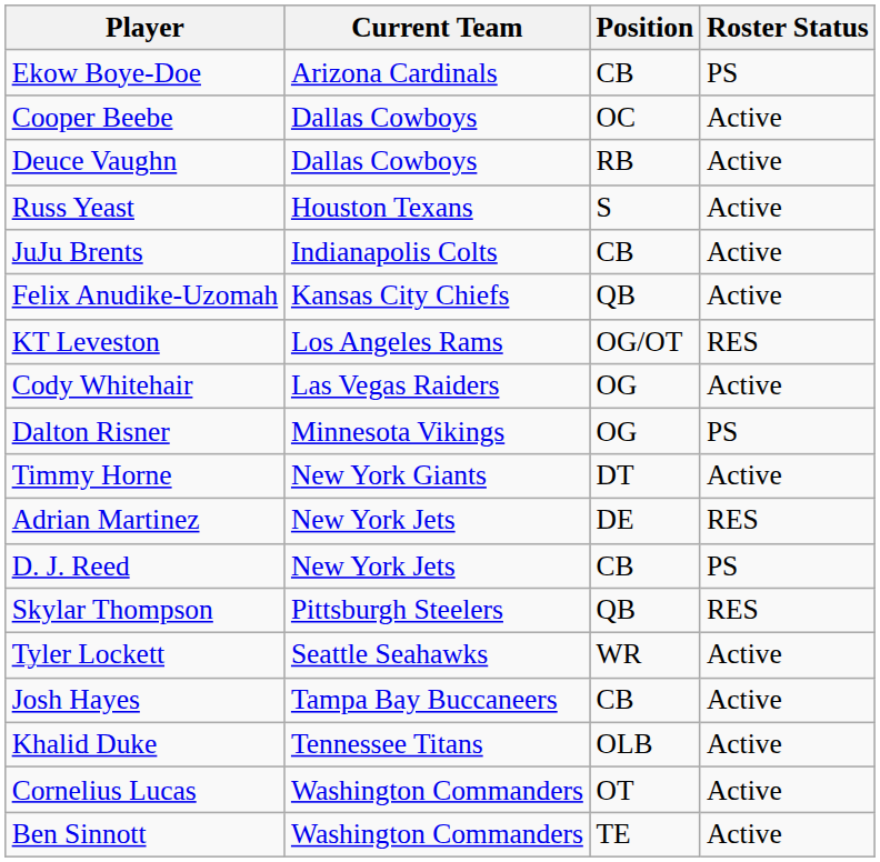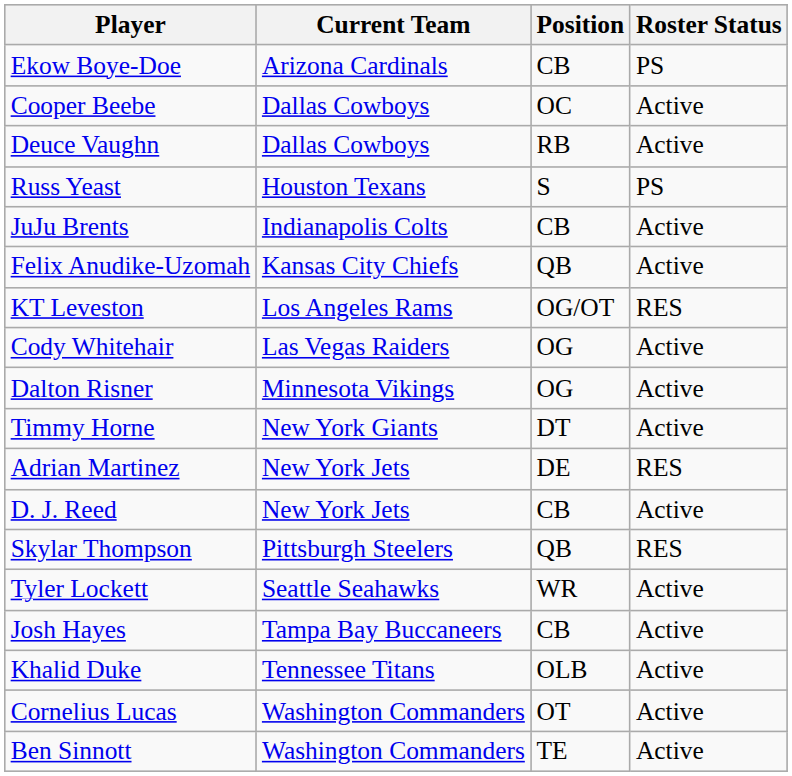 <table class="wikitable">
 <tr>
 <th>Player</th>
 <th>Current Team</th>
 <th>Position</th>
 <th>Roster Status</th>
 </tr>
 <tr>
 <td><a href='#'>Ekow Boye-Doe</a></td>
 <td><a href='#'>Arizona Cardinals</a></td>
 <td>CB</td>
 <td>PS</td>
 </tr>
 <tr>
 <td><a href='#'>Cooper Beebe</a></td>
 <td><a href='#'>Dallas Cowboys</a></td>
 <td>OC</td>
 <td>Active</td>
 </tr>
 <tr>
 <td><a href='#'>Deuce Vaughn</a></td>
 <td><a href='#'>Dallas Cowboys</a></td>
 <td>RB</td>
 <td>Active</td>
 </tr>
 <tr>
 <td><a href='#'>Russ Yeast</a></td>
 <td><a href='#'>Houston Texans</a></td>
 <td>S</td>
-<td>Active</td>
+<td>PS</td>
 </tr>
 <tr>
 <td><a href='#'>JuJu Brents</a></td>
 <td><a href='#'>Indianapolis Colts</a></td>
 <td>CB</td>
 <td>Active</td>
 </tr>
 <tr>
 <td><a href='#'>Felix Anudike-Uzomah</a></td>
 <td><a href='#'>Kansas City Chiefs</a></td>
 <td>QB</td>
 <td>Active</td>
 </tr>
 <tr>
 <td><a href='#'>KT Leveston</a></td>
 <td><a href='#'>Los Angeles Rams</a></td>
 <td>OG/OT</td>
 <td>RES</td>
 </tr>
 <tr>
 <td><a href='#'>Cody Whitehair</a></td>
 <td><a href='#'>Las Vegas Raiders</a></td>
 <td>OG</td>
 <td>Active</td>
 </tr>
 <tr>
 <td><a href='#'>Dalton Risner</a></td>
 <td><a href='#'>Minnesota Vikings</a></td>
 <td>OG</td>
-<td>PS</td>
+<td>Active</td>
 </tr>
 <tr>
 <td><a href='#'>Timmy Horne</a></td>
 <td><a href='#'>New York Giants</a></td>
 <td>DT</td>
 <td>Active</td>
 </tr>
 <tr>
 <td><a href='#'>Adrian Martinez</a></td>
 <td><a href='#'>New York Jets</a></td>
 <td>DE</td>
 <td>RES</td>
 </tr>
 <tr>
 <td><a href='#'>D. J. Reed</a></td>
 <td><a href='#'>New York Jets</a></td>
 <td>CB</td>
-<td>PS</td>
+<td>Active</td>
 </tr>
 <tr>
 <td><a href='#'>Skylar Thompson</a></td>
 <td><a href='#'>Pittsburgh Steelers</a></td>
 <td>QB</td>
 <td>RES</td>
 </tr>
 <tr>
 <td><a href='#'>Tyler Lockett</a></td>
 <td><a href='#'>Seattle Seahawks</a></td>
 <td>WR</td>
 <td>Active</td>
 </tr>
 <tr>
 <td><a href='#'>Josh Hayes</a></td>
 <td><a href='#'>Tampa Bay Buccaneers</a></td>
 <td>CB</td>
 <td>Active</td>
 </tr>
 <tr>
 <td><a href='#'>Khalid Duke</a></td>
 <td><a href='#'>Tennessee Titans</a></td>
 <td>OLB</td>
 <td>Active</td>
 </tr>
 <tr>
 <td><a href='#'>Cornelius Lucas</a></td>
 <td><a href='#'>Washington Commanders</a></td>
 <td>OT</td>
 <td>Active</td>
 </tr>
 <tr>
 <td><a href='#'>Ben Sinnott</a></td>
 <td><a href='#'>Washington Commanders</a></td>
 <td>TE</td>
 <td>Active</td>
 </tr>
 </table>
